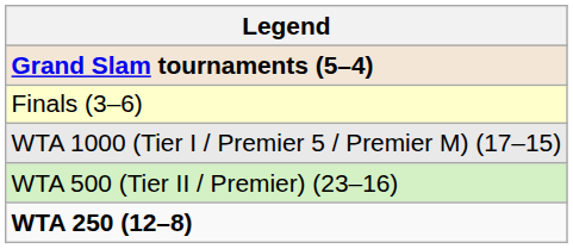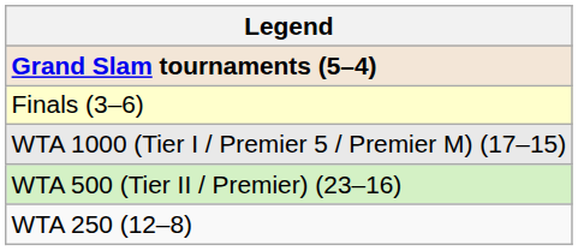 <table class=wikitable style=font-size:90%>
 <tr>
 <th>Legend</th>
 </tr>
 <tr>
 <td bgcolor=f3e6d7><strong><a href='#'>Grand Slam</a> tournaments (5–4)</strong></td>
 </tr>
 <tr>
 <td bgcolor=#ffc>Finals (3–6)</td>
 </tr>
 <tr>
 <td bgcolor=e9e9e9>WTA 1000 (Tier I / Premier 5 / Premier M) (17–15)</td>
 </tr>
 <tr>
 <td bgcolor=d4f1c5>WTA 500 (Tier II / Premier) (23–16)</td>
 </tr>
 <tr>
-<td><strong>WTA 250 (12–8)</strong></td>
+<td>WTA 250 (12–8)</td>
 </tr>
 </table>
